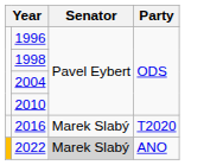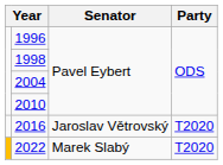 <table class="wikitable">
 <tr>
 <th colspan="2">Year</th>
 <th>Senator</th>
 <th>Party</th>
 </tr>
 <tr>
 <td rowspan="4" style="background-color:"></td>
 <td><a href='#'>1996</a></td>
 <td rowspan="4">Pavel Eybert</td>
 <td rowspan="4"><a href='#'>ODS</a></td>
 </tr>
 <tr>
 <td><a href='#'>1998</a></td>
 </tr>
 <tr>
 <td><a href='#'>2004</a></td>
 </tr>
 <tr>
 <td><a href='#'>2010</a></td>
 </tr>
 <tr>
 <td style="background-color:"></td>
 <td><a href='#'>2016</a></td>
-<td>Marek Slabý</td>
+<td>Jaroslav Větrovský</td>
 <td><a href='#'>T2020</a></td>
 </tr>
 <tr>
 <td style="background-color:#ffbf00;"></td>
 <td><a href='#'>2022</a></td>
-<td style="background: lightgrey;">Marek Slabý</td>
-<td><a href='#'>ANO</a></td>
+<td>Marek Slabý</td>
+<td><a href='#'>T2020</a></td>
 </tr>
 </table>
